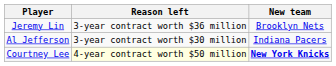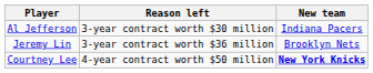 <table class="wikitable sortable sortable">
 <tr>
 <th>Player</th>
 <th>Reason left</th>
 <th>New team</th>
 </tr>
 <tr style="text-align: center">
+<td><a href='#'>Al Jefferson</a></td>
+<td>3-year contract worth $30 million</td>
+<td><a href='#'>Indiana Pacers</a></td>
+</tr>
+<tr style="text-align: center">
 <td><a href='#'>Jeremy Lin</a></td>
 <td>3-year contract worth $36 million</td>
 <td><a href='#'>Brooklyn Nets</a></td>
 </tr>
 <tr style="text-align: center">
-<td><a href='#'>Al Jefferson</a></td>
-<td>3-year contract worth $30 million</td>
-<td><a href='#'>Indiana Pacers</a></td>
-</tr>
-<tr style="text-align: center">
 <td><a href='#'>Courtney Lee</a></td>
-<td style="background: lightyellow;">4-year contract worth $50 million</td>
+<td>4-year contract worth $50 million</td>
 <td><strong><a href='#'>New York Knicks</a></strong></td>
 </tr>
 </table>
